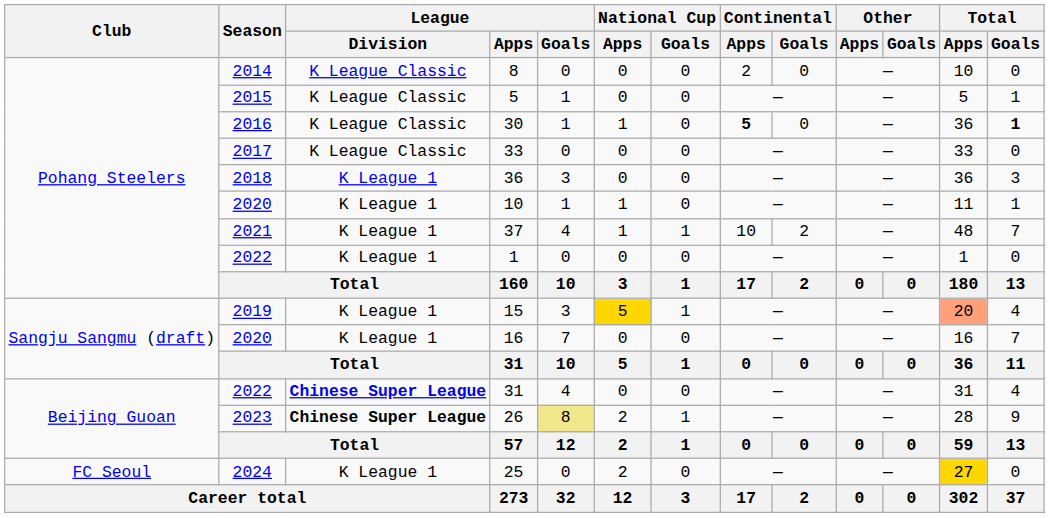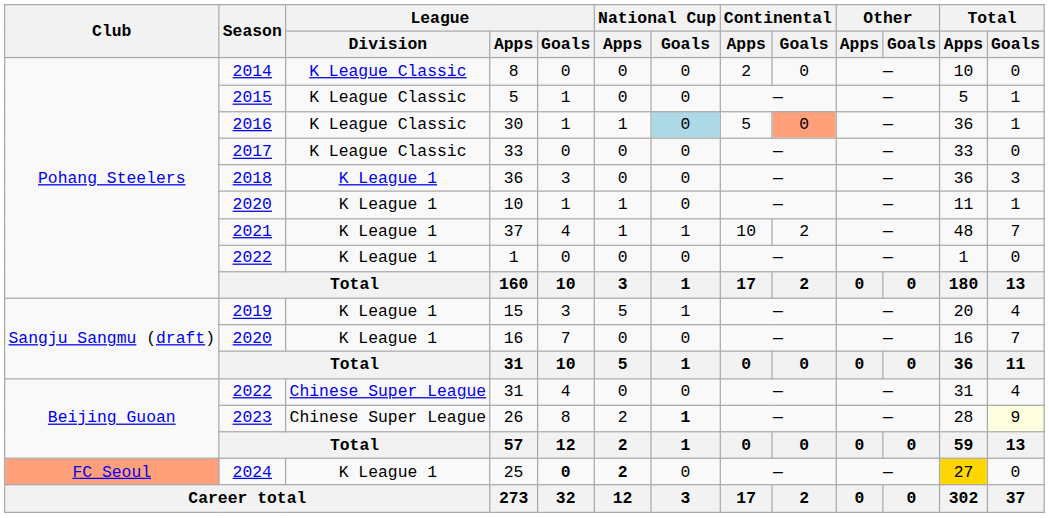 <table class="wikitable" style="text-align: center">
 <tr>
 <th rowspan="2">Club</th>
 <th rowspan="2">Season</th>
 <th colspan="3">League</th>
 <th colspan="2">National Cup</th>
 <th colspan="2">Continental</th>
 <th colspan="2">Other</th>
 <th colspan="2">Total</th>
 </tr>
 <tr>
 <th>Division</th>
 <th>Apps</th>
 <th>Goals</th>
 <th>Apps</th>
 <th>Goals</th>
 <th>Apps</th>
 <th>Goals</th>
 <th>Apps</th>
 <th>Goals</th>
 <th>Apps</th>
 <th>Goals</th>
 </tr>
 <tr>
 <td rowspan=9><a href='#'>Pohang Steelers</a></td>
 <td><a href='#'>2014</a></td>
 <td><a href='#'>K League Classic</a></td>
 <td>8</td>
 <td>0</td>
 <td>0</td>
 <td>0</td>
 <td>2</td>
 <td>0</td>
 <td colspan=2>—</td>
 <td>10</td>
 <td>0</td>
 </tr>
 <tr>
 <td><a href='#'>2015</a></td>
 <td>K League Classic</td>
 <td>5</td>
 <td>1</td>
 <td>0</td>
 <td>0</td>
 <td colspan=2>—</td>
 <td colspan=2>—</td>
 <td>5</td>
 <td>1</td>
 </tr>
 <tr>
 <td><a href='#'>2016</a></td>
 <td>K League Classic</td>
 <td>30</td>
 <td>1</td>
 <td>1</td>
-<td>0</td>
-<td><strong>5</strong></td>
-<td>0</td>
+<td style="background: lightblue;">0</td>
+<td>5</td>
+<td style="background: lightsalmon;">0</td>
 <td colspan=2>—</td>
 <td>36</td>
-<td><strong>1</strong></td>
+<td>1</td>
 </tr>
 <tr>
 <td><a href='#'>2017</a></td>
 <td>K League Classic</td>
 <td>33</td>
 <td>0</td>
 <td>0</td>
 <td>0</td>
 <td colspan=2>—</td>
 <td colspan=2>—</td>
 <td>33</td>
 <td>0</td>
 </tr>
 <tr>
 <td><a href='#'>2018</a></td>
 <td><a href='#'>K League 1</a></td>
 <td>36</td>
 <td>3</td>
 <td>0</td>
 <td>0</td>
 <td colspan=2>—</td>
 <td colspan=2>—</td>
 <td>36</td>
 <td>3</td>
 </tr>
 <tr>
 <td><a href='#'>2020</a></td>
 <td>K League 1</td>
 <td>10</td>
 <td>1</td>
 <td>1</td>
 <td>0</td>
 <td colspan=2>—</td>
 <td colspan=2>—</td>
 <td>11</td>
 <td>1</td>
 </tr>
 <tr>
 <td><a href='#'>2021</a></td>
 <td>K League 1</td>
 <td>37</td>
 <td>4</td>
 <td>1</td>
 <td>1</td>
 <td>10</td>
 <td>2</td>
 <td colspan=2>—</td>
 <td>48</td>
 <td>7</td>
 </tr>
 <tr>
 <td><a href='#'>2022</a></td>
 <td>K League 1</td>
 <td>1</td>
 <td>0</td>
 <td>0</td>
 <td>0</td>
 <td colspan=2>—</td>
 <td colspan=2>—</td>
 <td>1</td>
 <td>0</td>
 </tr>
 <tr>
 <th colspan="2"><strong>Total</strong></th>
 <th>160</th>
 <th>10</th>
 <th>3</th>
 <th>1</th>
 <th>17</th>
 <th>2</th>
 <th>0</th>
 <th>0</th>
 <th>180</th>
 <th>13</th>
 </tr>
 <tr>
 <td rowspan=3><a href='#'>Sangju Sangmu</a> (<a href='#'>draft</a>)</td>
 <td><a href='#'>2019</a></td>
 <td>K League 1</td>
 <td>15</td>
 <td>3</td>
-<td style="background: gold;">5</td>
+<td>5</td>
 <td>1</td>
 <td colspan=2>—</td>
 <td colspan=2>—</td>
-<td style="background: lightsalmon;">20</td>
+<td>20</td>
 <td>4</td>
 </tr>
 <tr>
 <td><a href='#'>2020</a></td>
 <td>K League 1</td>
 <td>16</td>
 <td>7</td>
 <td>0</td>
 <td>0</td>
 <td colspan=2>—</td>
 <td colspan=2>—</td>
 <td>16</td>
 <td>7</td>
 </tr>
 <tr>
 <th colspan="2"><strong>Total</strong></th>
 <th>31</th>
 <th>10</th>
 <th>5</th>
 <th>1</th>
 <th>0</th>
 <th>0</th>
 <th>0</th>
 <th>0</th>
 <th>36</th>
 <th>11</th>
 </tr>
 <tr>
 <td rowspan=3><a href='#'>Beijing Guoan</a></td>
 <td><a href='#'>2022</a></td>
-<td><strong><a href='#'>Chinese Super League</a></strong></td>
+<td><a href='#'>Chinese Super League</a></td>
 <td>31</td>
 <td>4</td>
 <td>0</td>
 <td>0</td>
 <td colspan=2>—</td>
 <td colspan=2>—</td>
 <td>31</td>
 <td>4</td>
 </tr>
 <tr>
 <td><a href='#'>2023</a></td>
-<td><strong>Chinese Super League</strong></td>
+<td>Chinese Super League</td>
 <td>26</td>
-<td style="background: khaki;">8</td>
+<td>8</td>
 <td>2</td>
-<td>1</td>
+<td><strong>1</strong></td>
 <td colspan=2>—</td>
 <td colspan=2>—</td>
 <td>28</td>
-<td>9</td>
+<td style="background: lightyellow;">9</td>
 </tr>
 <tr>
 <th colspan="2"><strong>Total</strong></th>
 <th>57</th>
 <th>12</th>
 <th>2</th>
 <th>1</th>
 <th>0</th>
 <th>0</th>
 <th>0</th>
 <th>0</th>
 <th>59</th>
 <th>13</th>
 </tr>
 <tr>
-<td><a href='#'>FC Seoul</a></td>
+<td style="background: lightsalmon;"><a href='#'>FC Seoul</a></td>
 <td><a href='#'>2024</a></td>
 <td>K League 1</td>
 <td>25</td>
-<td>0</td>
-<td>2</td>
+<td><strong>0</strong></td>
+<td><strong>2</strong></td>
 <td>0</td>
 <td colspan=2>—</td>
 <td colspan=2>—</td>
 <td style="background: gold;">27</td>
 <td>0</td>
 </tr>
 <tr>
 <th colspan=3>Career total</th>
 <th>273</th>
 <th>32</th>
 <th>12</th>
 <th>3</th>
 <th>17</th>
 <th>2</th>
 <th>0</th>
 <th>0</th>
 <th>302</th>
 <th>37</th>
 </tr>
 </table>
